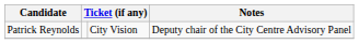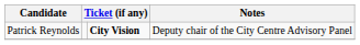 <table class="wikitable" style="font-size: 95%">
 <tr>
 <th>Candidate</th>
 <th colspan="2"><a href='#'>Ticket</a> (if any)</th>
 <th>Notes</th>
 </tr>
 <tr>
 <td>Patrick Reynolds</td>
 <td style="background-color:"></td>
-<td>City Vision</td>
+<td><strong>City Vision</strong></td>
 <td>Deputy chair of the City Centre Advisory Panel</td>
 </tr>
 <tr>
 </tr>
 </table>
